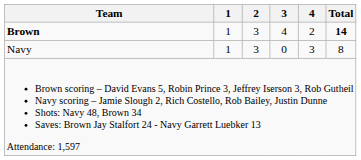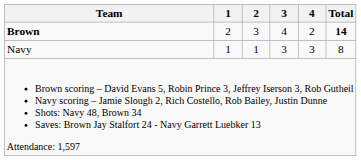 <table class="wikitable" style="text-align:center; max-width:45em">
 <tr>
 <th>Team</th>
 <th style="width:2em">1</th>
 <th style="width:2em">2</th>
 <th style="width:2em">3</th>
 <th style="width:2em">4</th>
 <th style="width:2em">Total</th>
 </tr>
 <tr>
 <td style="text-align:left"><strong>Brown</strong></td>
-<td>1</td>
+<td>2</td>
 <td>3</td>
 <td>4</td>
 <td>2</td>
 <td><strong>14</strong></td>
 </tr>
 <tr>
 <td style="text-align:left">Navy</td>
 <td>1</td>
+<td>1</td>
 <td>3</td>
-<td>0</td>
 <td>3</td>
 <td>8</td>
 </tr>
 <tr>
 <td colspan=6 style="text-align:left; font-size:88%;"><br><ul><li>Brown scoring – David Evans 5, Robin Prince 3, Jeffrey Iserson 3, Rob Gutheil</li><li>Navy scoring – Jamie Slough 2, Rich Costello, Rob Bailey, Justin Dunne</li><li>Shots: Navy 48, Brown 34</li><li>Saves: Brown Jay Stalfort 24 - Navy Garrett Luebker 13</li></ul>Attendance: 1,597 </td>
 </tr>
 </table>
